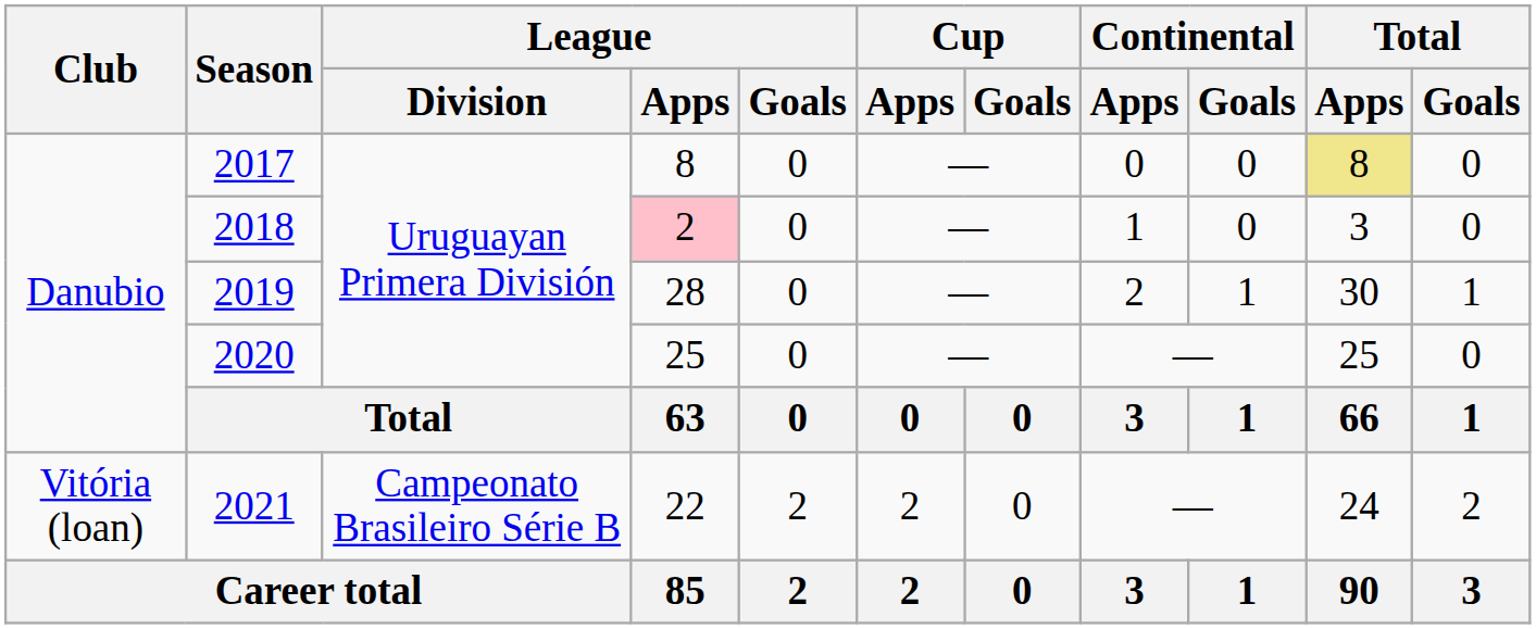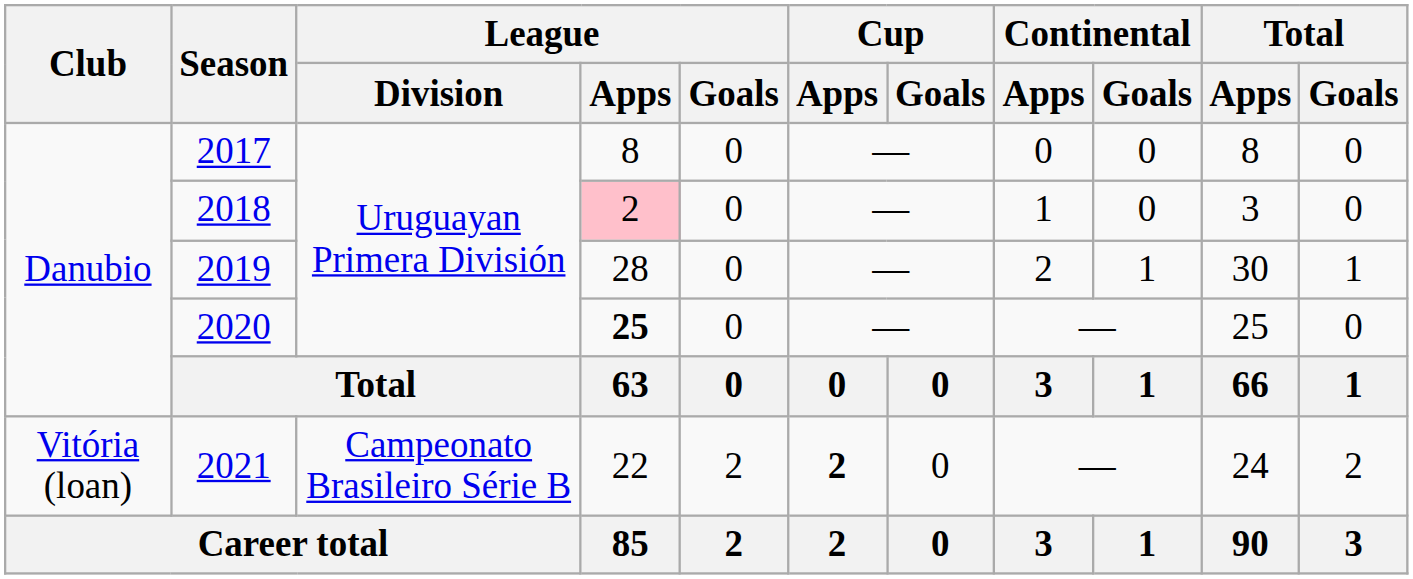 <table class="wikitable" Style="text-align: center">
 <tr>
 <th rowspan="2">Club</th>
 <th rowspan="2">Season</th>
 <th colspan="3">League</th>
 <th colspan="2">Cup</th>
 <th colspan="2">Continental</th>
 <th colspan="2">Total</th>
 </tr>
 <tr>
 <th>Division</th>
 <th>Apps</th>
 <th>Goals</th>
 <th>Apps</th>
 <th>Goals</th>
 <th>Apps</th>
 <th>Goals</th>
 <th>Apps</th>
 <th>Goals</th>
 </tr>
 <tr>
 <td rowspan="5"><a href='#'>Danubio</a></td>
 <td><a href='#'>2017</a></td>
 <td rowspan="4"><a href='#'>Uruguayan Primera División</a></td>
 <td>8</td>
 <td>0</td>
 <td colspan="2">—</td>
 <td>0</td>
 <td>0</td>
-<td style="background: khaki;">8</td>
+<td>8</td>
 <td>0</td>
 </tr>
 <tr>
 <td><a href='#'>2018</a></td>
 <td style="background: pink;">2</td>
 <td>0</td>
 <td colspan="2">—</td>
 <td>1</td>
 <td>0</td>
 <td>3</td>
 <td>0</td>
 </tr>
 <tr>
 <td><a href='#'>2019</a></td>
 <td>28</td>
 <td>0</td>
 <td colspan="2">—</td>
 <td>2</td>
 <td>1</td>
 <td>30</td>
 <td>1</td>
 </tr>
 <tr>
 <td><a href='#'>2020</a></td>
-<td>25</td>
+<td><strong>25</strong></td>
 <td>0</td>
 <td colspan="2">—</td>
 <td colspan="2">—</td>
 <td>25</td>
 <td>0</td>
 </tr>
 <tr>
 <th colspan="2">Total</th>
 <th>63</th>
 <th>0</th>
 <th>0</th>
 <th>0</th>
 <th>3</th>
 <th>1</th>
 <th>66</th>
 <th>1</th>
 </tr>
 <tr>
 <td rowspan="1"><a href='#'>Vitória</a> (loan)</td>
 <td><a href='#'>2021</a></td>
 <td rowspan="1"><a href='#'>Campeonato Brasileiro Série B</a></td>
 <td>22</td>
 <td>2</td>
-<td>2</td>
+<td><strong>2</strong></td>
 <td>0</td>
 <td colspan="2">—</td>
 <td>24</td>
 <td>2</td>
 </tr>
 <tr>
 <th colspan="3">Career total</th>
 <th>85</th>
 <th>2</th>
 <th>2</th>
 <th>0</th>
 <th>3</th>
 <th>1</th>
 <th>90</th>
 <th>3</th>
 </tr>
 </table>
